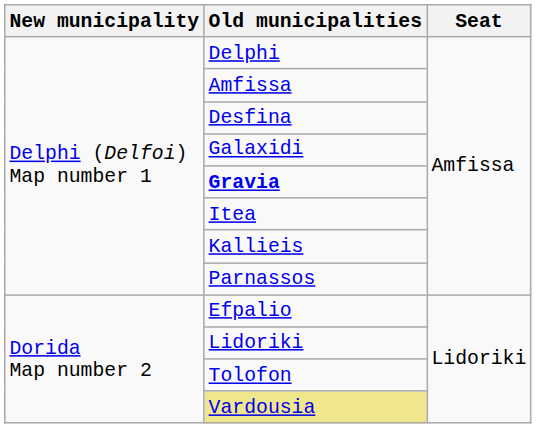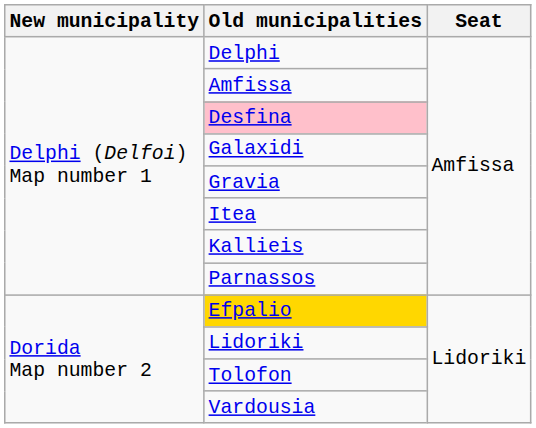 <table class="wikitable">
 <tr>
 <th>New municipality</th>
 <th>Old municipalities</th>
 <th>Seat</th>
 </tr>
 <tr>
 <td rowspan=8><a href='#'>Delphi</a> (<em>Delfoi</em>)<br>Map number 1</td>
 <td><a href='#'>Delphi</a></td>
 <td rowspan=8>Amfissa</td>
 </tr>
 <tr>
 <td><a href='#'>Amfissa</a></td>
 </tr>
 <tr>
-<td><a href='#'>Desfina</a></td>
+<td style="background: pink;"><a href='#'>Desfina</a></td>
 </tr>
 <tr>
 <td><a href='#'>Galaxidi</a></td>
 </tr>
 <tr>
-<td><strong><a href='#'>Gravia</a></strong></td>
+<td><a href='#'>Gravia</a></td>
 </tr>
 <tr>
 <td><a href='#'>Itea</a></td>
 </tr>
 <tr>
 <td><a href='#'>Kallieis</a></td>
 </tr>
 <tr>
 <td><a href='#'>Parnassos</a></td>
 </tr>
 <tr>
 <td rowspan=4><a href='#'>Dorida</a><br>Map number 2</td>
-<td><a href='#'>Efpalio</a></td>
+<td style="background: gold;"><a href='#'>Efpalio</a></td>
 <td rowspan=4>Lidoriki</td>
 </tr>
 <tr>
 <td><a href='#'>Lidoriki</a></td>
 </tr>
 <tr>
 <td><a href='#'>Tolofon</a></td>
 </tr>
 <tr>
-<td style="background: khaki;"><a href='#'>Vardousia</a></td>
+<td><a href='#'>Vardousia</a></td>
 </tr>
 </table>
